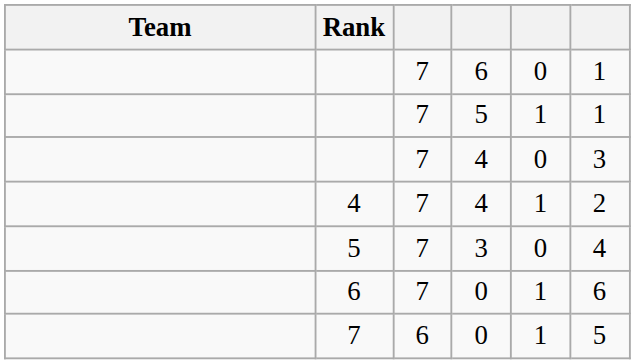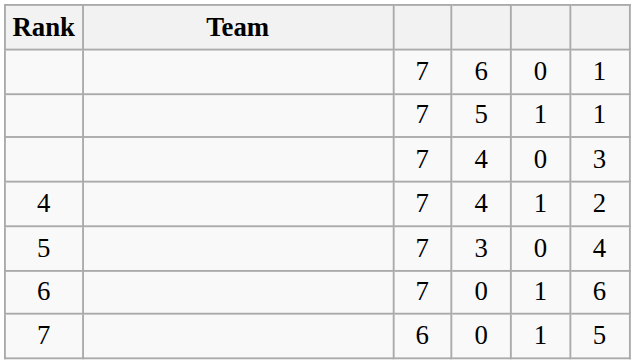 <table class="wikitable" style="text-align: center; font-size:90% ">
 <tr>
+<th width=35>Rank</th>
 <th width=160>Team</th>
-<th width=35>Rank</th>
 <th width=25></th>
 <th width=25></th>
 <th width=25></th>
 <th width=25></th>
 </tr>
 <tr>
+<td></td>
 <td align=left></td>
-<td></td>
 <td>7</td>
 <td>6</td>
 <td>0</td>
 <td>1</td>
 </tr>
 <tr>
+<td></td>
 <td align=left></td>
-<td></td>
 <td>7</td>
 <td>5</td>
 <td>1</td>
 <td>1</td>
 </tr>
 <tr>
+<td></td>
 <td align=left></td>
-<td></td>
 <td>7</td>
 <td>4</td>
 <td>0</td>
 <td>3</td>
 </tr>
 <tr>
+<td>4</td>
 <td align=left></td>
-<td>4</td>
 <td>7</td>
 <td>4</td>
 <td>1</td>
 <td>2</td>
 </tr>
 <tr>
+<td>5</td>
 <td align=left></td>
-<td>5</td>
 <td>7</td>
 <td>3</td>
 <td>0</td>
 <td>4</td>
 </tr>
 <tr>
+<td>6</td>
 <td align=left></td>
-<td>6</td>
 <td>7</td>
 <td>0</td>
 <td>1</td>
 <td>6</td>
 </tr>
 <tr>
+<td>7</td>
 <td align=left></td>
-<td>7</td>
 <td>6</td>
 <td>0</td>
 <td>1</td>
 <td>5</td>
 </tr>
 </table>
